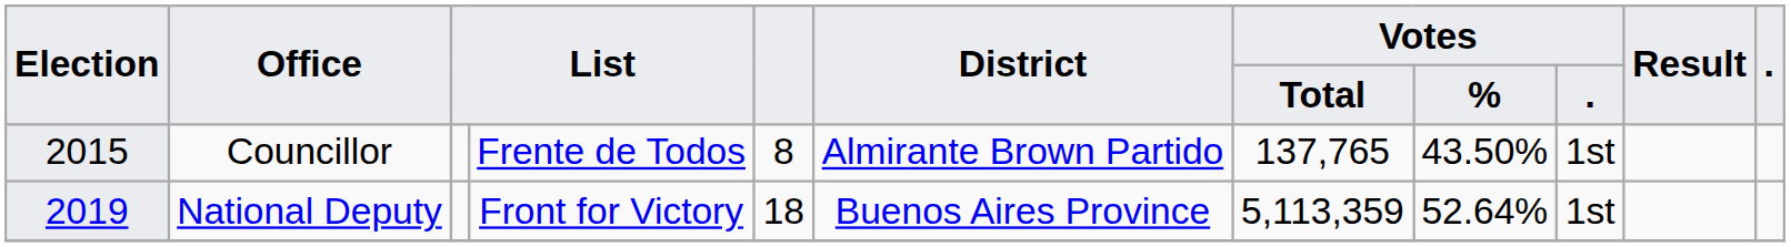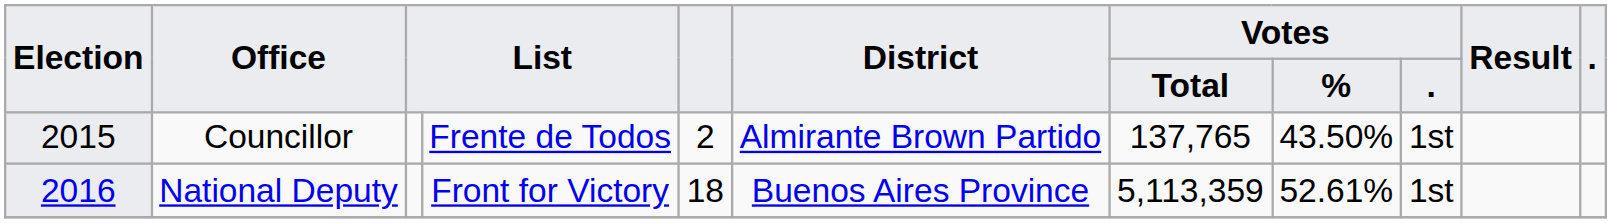 <table class="wikitable" style="font-size:90%; text-align:center;">
 <tr>
 <th style="background-color:#EAECF0;" rowspan=2>Election</th>
 <th style="background-color:#EAECF0;" rowspan=2>Office</th>
 <th style="background-color:#EAECF0;" colspan=2 rowspan=2>List</th>
 <th style="background-color:#EAECF0;" rowspan=2></th>
 <th style="background-color:#EAECF0;" rowspan=2>District</th>
 <th style="background-color:#EAECF0;" colspan=3>Votes</th>
 <th style="background-color:#EAECF0;" rowspan=2>Result</th>
 <th style="background-color:#EAECF0;" rowspan=2>.</th>
 </tr>
 <tr>
 <th style="background-color:#EAECF0;">Total</th>
 <th style="background-color:#EAECF0;">%</th>
 <th style="background-color:#EAECF0;">.</th>
 </tr>
 <tr>
 <td style="background-color:#EAECF0;">2015</td>
 <td>Councillor</td>
 <td style="background-color:"></td>
 <td><a href='#'>Frente de Todos</a></td>
-<td>8</td>
+<td>2</td>
 <td><a href='#'>Almirante Brown Partido</a></td>
 <td>137,765</td>
 <td>43.50%</td>
 <td>1st</td>
 <td></td>
 <td></td>
 </tr>
 <tr>
-<td style="background-color:#EAECF0;"><a href='#'>2019</a></td>
+<td style="background-color:#EAECF0;"><a href='#'>2016</a></td>
 <td><a href='#'>National Deputy</a></td>
 <td style="background-color:"></td>
 <td><a href='#'>Front for Victory</a></td>
 <td>18</td>
 <td><a href='#'>Buenos Aires Province</a></td>
 <td>5,113,359</td>
-<td>52.64%</td>
+<td>52.61%</td>
 <td>1st</td>
 <td></td>
 <td></td>
 </tr>
 <tr>
 </tr>
 </table>
